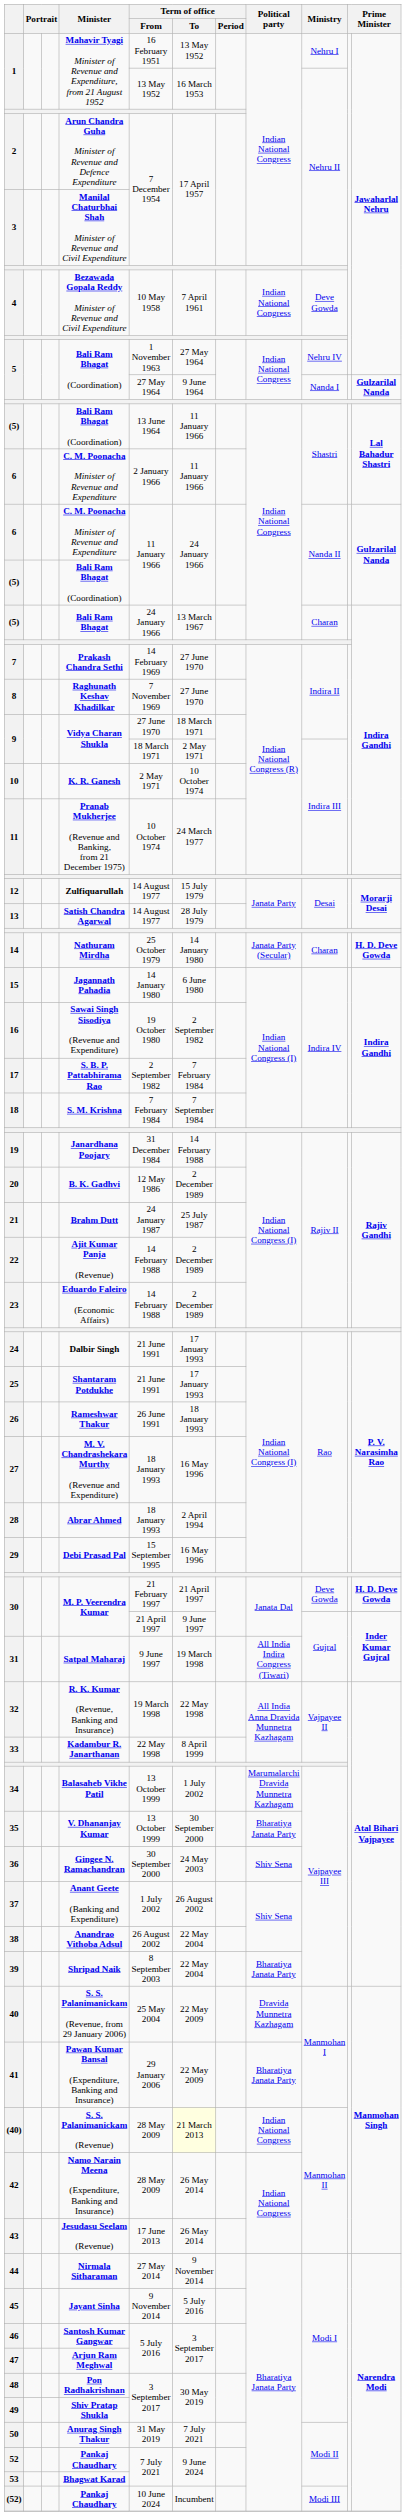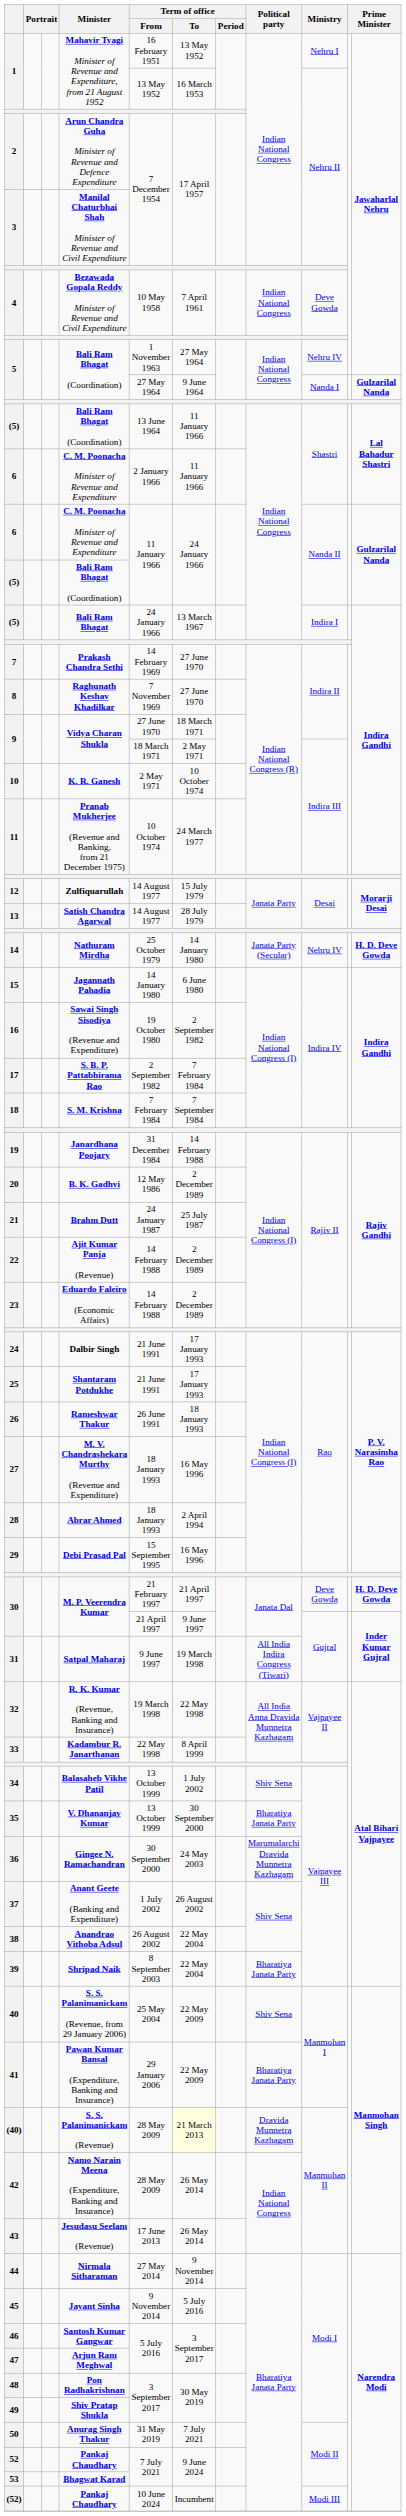 <table class="wikitable" style="text-align:center">
 <tr>
 <th rowspan="2"></th>
 <th rowspan="2" colspan="2">Portrait</th>
 <th rowspan="2" style="width:18em">Minister<br></th>
 <th colspan="3">Term of office</th>
 <th rowspan="2" style="width:8em">Political party</th>
 <th rowspan="2" style="width:6em">Ministry</th>
 <th rowspan="2" colspan="2">Prime Minister</th>
 </tr>
 <tr>
 <th style="width:7em">From</th>
 <th style="width:7em">To</th>
 <th style="width:6em">Period</th>
 </tr>
 <tr>
 <th rowspan="2">1</th>
 <td rowspan="2"></td>
 <td rowspan="2"></td>
 <td rowspan="2"><strong><a href='#'>Mahavir Tyagi</a></strong><br><br><em>Minister of Revenue and Expenditure,<br>from 21 August 1952</em></td>
 <td>16 February<br>1951</td>
 <td>13 May<br>1952</td>
 <td rowspan="2"><strong></strong></td>
 <td rowspan="5"><a href='#'>Indian National Congress</a></td>
 <td><a href='#'>Nehru I</a></td>
 <td rowspan="9" style="width:0.01em"></td>
 <td rowspan="9" style="width:9em"><strong><a href='#'>Jawaharlal Nehru</a></strong></td>
 </tr>
 <tr>
 <td>13 May<br>1952</td>
 <td>16 March<br>1953</td>
 <td rowspan="4"><a href='#'>Nehru II</a></td>
 </tr>
 <tr>
 <th colspan="7"></th>
 </tr>
 <tr>
 <th>2</th>
 <td></td>
 <td></td>
 <td><strong><a href='#'>Arun Chandra Guha</a></strong><br><br><em>Minister of Revenue and Defence Expenditure</em></td>
 <td rowspan="2">7 December<br>1954</td>
 <td rowspan="2">17 April<br>1957</td>
 <td rowspan="2"><strong></strong></td>
 </tr>
 <tr>
 <th>3</th>
 <td></td>
 <td></td>
 <td><strong><a href='#'>Manilal Chaturbhai Shah</a></strong><br><br><em>Minister of Revenue and Civil Expenditure</em></td>
 </tr>
 <tr>
 <th colspan="9"></th>
 </tr>
 <tr>
 <th>4</th>
 <td></td>
 <td></td>
 <td><strong><a href='#'>Bezawada Gopala Reddy</a></strong><br><br><em>Minister of Revenue and Civil Expenditure</em></td>
 <td>10 May<br>1958</td>
 <td>7 April<br>1961</td>
 <td><strong></strong></td>
 <td><a href='#'>Indian National Congress</a></td>
 <td><a href='#'>Deve Gowda</a></td>
 </tr>
 <tr>
 <th colspan="9"></th>
 </tr>
 <tr>
 <th rowspan="2">5</th>
 <td rowspan="2"></td>
 <td rowspan="2"></td>
 <td rowspan="2"><strong><a href='#'>Bali Ram Bhagat</a></strong><br><br>(Coordination)</td>
 <td>1 November<br>1963</td>
 <td>27 May<br>1964</td>
 <td rowspan="2"><strong></strong></td>
 <td rowspan="2"><a href='#'>Indian National Congress</a></td>
 <td><a href='#'>Nehru IV</a></td>
 </tr>
 <tr>
 <td>27 May<br>1964</td>
 <td>9 June<br>1964</td>
 <td><a href='#'>Nanda I</a></td>
 <td></td>
 <td><strong><a href='#'>Gulzarilal Nanda</a></strong></td>
 </tr>
 <tr>
 <th colspan="11"></th>
 </tr>
 <tr>
 <th>(5)</th>
 <td></td>
 <td></td>
 <td><strong><a href='#'>Bali Ram Bhagat</a></strong><br><br>(Coordination)</td>
 <td>13 June<br>1964</td>
 <td>11 January<br>1966</td>
 <td><strong></strong></td>
 <td rowspan="5"><a href='#'>Indian National Congress</a></td>
 <td rowspan="2"><a href='#'>Shastri</a></td>
 <td rowspan="2"></td>
 <td rowspan="2"><strong><a href='#'>Lal Bahadur Shastri</a></strong></td>
 </tr>
 <tr>
 <th>6</th>
 <td></td>
 <td></td>
 <td><strong><a href='#'>C. M. Poonacha</a></strong><br><br><em>Minister of Revenue and Expenditure</em></td>
 <td>2 January<br>1966</td>
 <td>11 January<br>1966</td>
 <td><strong></strong></td>
 </tr>
 <tr>
 <th>6</th>
 <td></td>
 <td></td>
 <td><strong><a href='#'>C. M. Poonacha</a></strong><br><br><em>Minister of Revenue and Expenditure</em></td>
 <td rowspan="2">11 January<br>1966</td>
 <td rowspan="2">24 January<br>1966</td>
 <td rowspan="2"><strong></strong></td>
 <td rowspan="2"><a href='#'>Nanda II</a></td>
 <td rowspan="2"></td>
 <td rowspan="2"><strong><a href='#'>Gulzarilal Nanda</a></strong></td>
 </tr>
 <tr>
 <th>(5)</th>
 <td></td>
 <td></td>
 <td><strong><a href='#'>Bali Ram Bhagat</a></strong><br><br>(Coordination)</td>
 </tr>
 <tr>
 <th>(5)</th>
 <td></td>
 <td></td>
 <td><strong><a href='#'>Bali Ram Bhagat</a></strong><br></td>
 <td>24 January<br>1966</td>
 <td>13 March<br>1967</td>
 <td><strong></strong></td>
-<td><a href='#'>Charan</a></td>
+<td><a href='#'>Indira I</a></td>
 <td></td>
 <td rowspan="8"><strong><a href='#'>Indira Gandhi</a></strong></td>
 </tr>
 <tr>
 <th colspan="10"></th>
 </tr>
 <tr>
 <th>7</th>
 <td></td>
 <td></td>
 <td><strong><a href='#'>Prakash Chandra Sethi</a></strong><br></td>
 <td>14 February<br>1969</td>
 <td>27 June<br>1970</td>
 <td><strong></strong></td>
 <td rowspan="6"><a href='#'>Indian National Congress (R)</a></td>
 <td rowspan="3"><a href='#'>Indira II</a></td>
 <td rowspan="6"></td>
 </tr>
 <tr>
 <th>8</th>
 <td></td>
 <td></td>
 <td><strong><a href='#'>Raghunath Keshav Khadilkar</a></strong><br></td>
 <td>7 November<br>1969</td>
 <td>27 June<br>1970</td>
 <td><strong></strong></td>
 </tr>
 <tr>
 <th rowspan="2">9</th>
 <td rowspan="2"></td>
 <td rowspan="2"></td>
 <td rowspan="2"><strong><a href='#'>Vidya Charan Shukla</a></strong><br></td>
 <td>27 June<br>1970</td>
 <td>18 March<br>1971</td>
 <td rowspan="2"><strong></strong></td>
 </tr>
 <tr>
 <td>18 March<br>1971</td>
 <td>2 May<br>1971</td>
 <td rowspan="3"><a href='#'>Indira III</a></td>
 </tr>
 <tr>
 <th>10</th>
 <td></td>
 <td></td>
 <td><strong><a href='#'>K. R. Ganesh</a></strong><br></td>
 <td>2 May<br>1971</td>
 <td>10 October<br>1974</td>
 <td><strong></strong></td>
 </tr>
 <tr>
 <th>11</th>
 <td></td>
 <td></td>
 <td><strong><a href='#'>Pranab Mukherjee</a></strong><br><br>(Revenue and Banking,<br>from 21 December 1975)</td>
 <td>10 October<br>1974</td>
 <td>24 March<br>1977</td>
 <td><strong></strong></td>
 </tr>
 <tr>
 <th colspan="11"></th>
 </tr>
 <tr>
 <th>12</th>
 <td></td>
 <td></td>
 <td><strong>Zulfiquarullah</strong><br></td>
 <td>14 August<br>1977</td>
 <td>15 July<br>1979</td>
 <td><strong></strong></td>
 <td rowspan="2"><a href='#'>Janata Party</a></td>
 <td rowspan="2"><a href='#'>Desai</a></td>
 <td rowspan="2"></td>
 <td rowspan="2"><strong><a href='#'>Morarji Desai</a></strong></td>
 </tr>
 <tr>
 <th>13</th>
 <td></td>
 <td></td>
 <td><strong><a href='#'>Satish Chandra Agarwal</a></strong><br></td>
 <td>14 August<br>1977</td>
 <td>28 July<br>1979</td>
 <td><strong></strong></td>
 </tr>
 <tr>
 <th colspan="11"></th>
 </tr>
 <tr>
 <th>14</th>
 <td style="background:"></td>
 <td></td>
 <td><strong><a href='#'>Nathuram Mirdha</a></strong><br></td>
 <td>25 October<br>1979</td>
 <td>14 January<br>1980</td>
 <td><strong></strong></td>
 <td><a href='#'>Janata Party (Secular)</a></td>
-<td><a href='#'>Charan</a></td>
+<td><a href='#'>Nehru IV</a></td>
 <td style="background:"></td>
 <td><strong><a href='#'>H. D. Deve Gowda</a></strong></td>
 </tr>
 <tr>
 <th>15</th>
 <td></td>
 <td></td>
 <td><strong><a href='#'>Jagannath Pahadia</a></strong><br></td>
 <td>14 January<br>1980</td>
 <td>6 June<br>1980</td>
 <td><strong></strong></td>
 <td rowspan="4"><a href='#'>Indian National Congress (I)</a></td>
 <td rowspan="4"><a href='#'>Indira IV</a></td>
 <td rowspan="4"></td>
 <td rowspan="4"><strong><a href='#'>Indira Gandhi</a></strong></td>
 </tr>
 <tr>
 <th>16</th>
 <td></td>
 <td></td>
 <td><strong><a href='#'>Sawai Singh Sisodiya</a></strong><br><br>(Revenue and Expenditure)</td>
 <td>19 October<br>1980</td>
 <td>2 September<br>1982</td>
 <td><strong></strong></td>
 </tr>
 <tr>
 <th>17</th>
 <td></td>
 <td></td>
 <td><strong><a href='#'>S. B. P. Pattabhirama Rao</a></strong><br></td>
 <td>2 September<br>1982</td>
 <td>7 February<br>1984</td>
 <td><strong></strong></td>
 </tr>
 <tr>
 <th>18</th>
 <td></td>
 <td></td>
 <td><strong><a href='#'>S. M. Krishna</a></strong><br></td>
 <td>7 February<br>1984</td>
 <td>7 September<br>1984</td>
 <td><strong></strong></td>
 </tr>
 <tr>
 <th colspan="11"></th>
 </tr>
 <tr>
 <th>19</th>
 <td></td>
 <td></td>
 <td><strong><a href='#'>Janardhana Poojary</a></strong><br></td>
 <td>31 December<br>1984</td>
 <td>14 February<br>1988</td>
 <td><strong></strong></td>
 <td rowspan="5"><a href='#'>Indian National Congress (I)</a></td>
 <td rowspan="5"><a href='#'>Rajiv II</a></td>
 <td rowspan="5"></td>
 <td rowspan="5"><strong><a href='#'>Rajiv Gandhi</a></strong></td>
 </tr>
 <tr>
 <th>20</th>
 <td></td>
 <td></td>
 <td><strong><a href='#'>B. K. Gadhvi</a></strong><br></td>
 <td>12 May<br>1986</td>
 <td>2 December<br>1989</td>
 <td><strong></strong></td>
 </tr>
 <tr>
 <th>21</th>
 <td></td>
 <td></td>
 <td><strong><a href='#'>Brahm Dutt</a></strong><br></td>
 <td>24 January<br>1987</td>
 <td>25 July<br>1987</td>
 <td><strong></strong></td>
 </tr>
 <tr>
 <th>22</th>
 <td></td>
 <td></td>
 <td><strong><a href='#'>Ajit Kumar Panja</a></strong><br><br>(Revenue)</td>
 <td>14 February<br>1988</td>
 <td>2 December<br>1989</td>
 <td><strong></strong></td>
 </tr>
 <tr>
 <th>23</th>
 <td></td>
 <td></td>
 <td><strong><a href='#'>Eduardo Faleiro</a></strong><br><br>(Economic Affairs)</td>
 <td>14 February<br>1988</td>
 <td>2 December<br>1989</td>
 <td><strong></strong></td>
 </tr>
 <tr>
 <th colspan="11"></th>
 </tr>
 <tr>
 <th>24</th>
 <td></td>
 <td></td>
 <td><strong>Dalbir Singh</strong><br></td>
 <td>21 June<br>1991</td>
 <td>17 January<br>1993</td>
 <td><strong></strong></td>
 <td rowspan="6"><a href='#'>Indian National Congress (I)</a></td>
 <td rowspan="6"><a href='#'>Rao</a></td>
 <td rowspan="6"></td>
 <td rowspan="6"><strong><a href='#'>P. V. Narasimha Rao</a></strong></td>
 </tr>
 <tr>
 <th>25</th>
 <td></td>
 <td></td>
 <td><strong><a href='#'>Shantaram Potdukhe</a></strong><br></td>
 <td>21 June<br>1991</td>
 <td>17 January<br>1993</td>
 <td><strong></strong></td>
 </tr>
 <tr>
 <th>26</th>
 <td></td>
 <td></td>
 <td><strong><a href='#'>Rameshwar Thakur</a></strong><br></td>
 <td>26 June<br>1991</td>
 <td>18 January<br>1993</td>
 <td><strong></strong></td>
 </tr>
 <tr>
 <th>27</th>
 <td></td>
 <td></td>
 <td><strong><a href='#'>M. V. Chandrashekara Murthy</a></strong><br><br>(Revenue and Expenditure)</td>
 <td>18 January<br>1993</td>
 <td>16 May<br>1996</td>
 <td><strong></strong></td>
 </tr>
 <tr>
 <th>28</th>
 <td></td>
 <td></td>
 <td><strong><a href='#'>Abrar Ahmed</a></strong><br></td>
 <td>18 January<br>1993</td>
 <td>2 April<br>1994</td>
 <td><strong></strong></td>
 </tr>
 <tr>
 <th>29</th>
 <td></td>
 <td></td>
 <td><strong><a href='#'>Debi Prasad Pal</a></strong><br></td>
 <td>15 September<br>1995</td>
 <td>16 May<br>1996</td>
 <td><strong></strong></td>
 </tr>
 <tr>
 <th colspan="11"></th>
 </tr>
 <tr>
 <th rowspan="2">30</th>
 <td rowspan="2"></td>
 <td rowspan="2"></td>
 <td rowspan="2"><strong><a href='#'>M. P. Veerendra Kumar</a></strong><br></td>
 <td>21 February<br>1997</td>
 <td>21 April<br>1997</td>
 <td rowspan="2"><strong></strong></td>
 <td rowspan="2"><a href='#'>Janata Dal</a></td>
 <td><a href='#'>Deve Gowda</a></td>
 <td></td>
 <td><strong><a href='#'>H. D. Deve Gowda</a></strong></td>
 </tr>
 <tr>
 <td>21 April<br>1997</td>
 <td>9 June<br>1997</td>
 <td rowspan="2"><a href='#'>Gujral</a></td>
 <td rowspan="2"></td>
 <td rowspan="2"><strong><a href='#'>Inder Kumar Gujral</a></strong></td>
 </tr>
 <tr>
 <th>31</th>
 <td></td>
 <td></td>
 <td><strong><a href='#'>Satpal Maharaj</a></strong><br></td>
 <td>9 June<br>1997</td>
 <td>19 March<br>1998</td>
 <td><strong></strong></td>
 <td><a href='#'>All India Indira Congress (Tiwari)</a></td>
 </tr>
 <tr>
 <th>32</th>
 <td></td>
 <td></td>
 <td><strong><a href='#'>R. K. Kumar</a></strong><br><br>(Revenue, Banking and Insurance)</td>
 <td>19 March<br>1998</td>
 <td>22 May<br>1998</td>
 <td><strong></strong></td>
 <td rowspan="2"><a href='#'>All India Anna Dravida Munnetra Kazhagam</a></td>
 <td rowspan="2"><a href='#'>Vajpayee II</a></td>
 <td rowspan="9"></td>
 <td rowspan="9"><strong><a href='#'>Atal Bihari Vajpayee</a></strong></td>
 </tr>
 <tr>
 <th>33</th>
 <td></td>
 <td></td>
 <td><strong><a href='#'>Kadambur R. Janarthanan</a></strong><br></td>
 <td>22 May<br>1998</td>
 <td>8 April<br>1999</td>
 <td><strong></strong></td>
 </tr>
 <tr>
 <th colspan="9"></th>
 </tr>
 <tr>
 <th>34</th>
 <td></td>
 <td></td>
 <td><strong><a href='#'>Balasaheb Vikhe Patil</a></strong><br></td>
 <td>13 October<br>1999</td>
 <td>1 July<br>2002</td>
 <td><strong></strong></td>
-<td><a href='#'>Marumalarchi Dravida Munnetra Kazhagam</a></td>
+<td><a href='#'>Shiv Sena</a></td>
 <td rowspan="6"><a href='#'>Vajpayee III</a></td>
 </tr>
 <tr>
 <th>35</th>
 <td></td>
 <td></td>
 <td><strong><a href='#'>V. Dhananjay Kumar</a></strong><br></td>
 <td>13 October<br>1999</td>
 <td>30 September<br>2000</td>
 <td><strong></strong></td>
 <td><a href='#'>Bharatiya Janata Party</a></td>
 </tr>
 <tr>
 <th>36</th>
 <td></td>
 <td></td>
 <td><strong><a href='#'>Gingee N. Ramachandran</a></strong><br></td>
 <td>30 September<br>2000</td>
 <td>24 May<br>2003</td>
 <td><strong></strong></td>
-<td><a href='#'>Shiv Sena</a></td>
+<td><a href='#'>Marumalarchi Dravida Munnetra Kazhagam</a></td>
 </tr>
 <tr>
 <th>37</th>
 <td></td>
 <td></td>
 <td><strong><a href='#'>Anant Geete</a></strong><br><br>(Banking and Expenditure)</td>
 <td>1 July<br>2002</td>
 <td>26 August<br>2002</td>
 <td><strong></strong></td>
 <td rowspan="2"><a href='#'>Shiv Sena</a></td>
 </tr>
 <tr>
 <th>38</th>
 <td></td>
 <td></td>
 <td><strong><a href='#'>Anandrao Vithoba Adsul</a></strong><br></td>
 <td>26 August<br>2002</td>
 <td>22 May<br>2004</td>
 <td><strong></strong></td>
 </tr>
 <tr>
 <th>39</th>
 <td></td>
 <td></td>
 <td><strong><a href='#'>Shripad Naik</a></strong><br></td>
 <td>8 September<br>2003</td>
 <td>22 May<br>2004</td>
 <td><strong></strong></td>
 <td><a href='#'>Bharatiya Janata Party</a></td>
 </tr>
 <tr>
 <th>40</th>
 <td></td>
 <td></td>
 <td><strong><a href='#'>S. S. Palanimanickam</a></strong><br><br>(Revenue, from 29 January 2006)</td>
 <td>25 May<br>2004</td>
 <td>22 May<br>2009</td>
 <td><strong></strong></td>
-<td><a href='#'>Dravida Munnetra Kazhagam</a></td>
+<td><a href='#'>Shiv Sena</a></td>
 <td rowspan="2"><a href='#'>Manmohan I</a></td>
 <td rowspan="5"></td>
 <td rowspan="5"><strong><a href='#'>Manmohan Singh</a></strong></td>
 </tr>
 <tr>
 <th>41</th>
 <td></td>
 <td></td>
 <td><strong><a href='#'>Pawan Kumar Bansal</a></strong><br><br>(Expenditure, Banking and Insurance)</td>
 <td>29 January<br>2006</td>
 <td>22 May<br>2009</td>
 <td><strong></strong></td>
 <td><a href='#'>Bharatiya Janata Party</a></td>
 </tr>
 <tr>
 <th>(40)</th>
 <td></td>
 <td></td>
 <td><strong><a href='#'>S. S. Palanimanickam</a></strong><br><br>(Revenue)</td>
 <td>28 May<br>2009</td>
 <td style="background: lightyellow;">21 March<br>2013</td>
 <td><strong></strong></td>
-<td><a href='#'>Indian National Congress</a></td>
+<td><a href='#'>Dravida Munnetra Kazhagam</a></td>
 <td rowspan="3"><a href='#'>Manmohan II</a></td>
 </tr>
 <tr>
 <th>42</th>
 <td></td>
 <td></td>
 <td><strong><a href='#'>Namo Narain Meena</a></strong><br><br>(Expenditure, Banking and Insurance)</td>
 <td>28 May<br>2009</td>
 <td>26 May<br>2014</td>
 <td><strong></strong></td>
 <td rowspan="2"><a href='#'>Indian National Congress</a></td>
 </tr>
 <tr>
 <th>43</th>
 <td></td>
 <td></td>
 <td><strong><a href='#'>Jesudasu Seelam</a></strong><br><br>(Revenue)</td>
 <td>17 June<br>2013</td>
 <td>26 May<br>2014</td>
 <td><strong></strong></td>
 </tr>
 <tr>
 <th>44</th>
 <td></td>
 <td></td>
 <td><strong><a href='#'>Nirmala Sitharaman</a></strong><br></td>
 <td>27 May<br>2014</td>
 <td>9 November<br>2014</td>
 <td><strong></strong></td>
 <td rowspan="10"><a href='#'>Bharatiya Janata Party</a></td>
 <td rowspan="6"><a href='#'>Modi I</a></td>
 <td rowspan="10"></td>
 <td rowspan="10"><strong><a href='#'>Narendra Modi</a></strong></td>
 </tr>
 <tr>
 <th>45</th>
 <td></td>
 <td></td>
 <td><strong><a href='#'>Jayant Sinha</a></strong><br></td>
 <td>9 November<br>2014</td>
 <td>5 July<br>2016</td>
 <td><strong></strong></td>
 </tr>
 <tr>
 <th>46</th>
 <td></td>
 <td></td>
 <td><strong><a href='#'>Santosh Kumar Gangwar</a></strong><br></td>
 <td rowspan="2">5 July<br>2016</td>
 <td rowspan="2">3 September<br>2017</td>
 <td rowspan="2"><strong></strong></td>
 </tr>
 <tr>
 <th>47</th>
 <td></td>
 <td></td>
 <td><strong><a href='#'>Arjun Ram Meghwal</a></strong><br></td>
 </tr>
 <tr>
 <th>48</th>
 <td></td>
 <td></td>
 <td><strong><a href='#'>Pon Radhakrishnan</a></strong><br></td>
 <td rowspan="2">3 September<br>2017</td>
 <td rowspan="2">30 May<br>2019</td>
 <td rowspan="2"><strong></strong></td>
 </tr>
 <tr>
 <th>49</th>
 <td></td>
 <td></td>
 <td><strong><a href='#'>Shiv Pratap Shukla</a></strong><br></td>
 </tr>
 <tr>
 <th>50</th>
 <td></td>
 <td></td>
 <td><strong><a href='#'>Anurag Singh Thakur</a></strong><br></td>
 <td>31 May<br>2019</td>
 <td>7 July<br>2021</td>
 <td><strong></strong></td>
 <td rowspan="3"><a href='#'>Modi II</a></td>
 </tr>
 <tr>
 <th>52</th>
 <td></td>
 <td></td>
 <td><strong><a href='#'>Pankaj Chaudhary</a></strong><br></td>
 <td rowspan="2">7 July<br>2021</td>
 <td rowspan="2">9 June<br>2024</td>
 <td rowspan="2"><strong></strong></td>
 </tr>
 <tr>
 <th>53</th>
 <td></td>
 <td></td>
 <td><strong><a href='#'>Bhagwat Karad</a></strong><br></td>
 </tr>
 <tr>
 <th>(52)</th>
 <td></td>
 <td></td>
 <td><strong><a href='#'>Pankaj Chaudhary</a></strong><br></td>
 <td>10 June<br>2024</td>
 <td>Incumbent</td>
 <td><strong></strong></td>
 <td><a href='#'>Modi III</a></td>
 </tr>
 <tr>
 </tr>
 </table>
